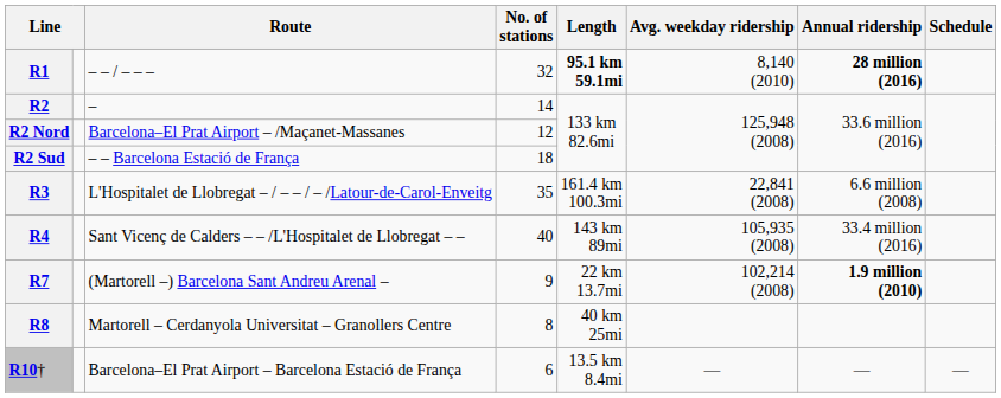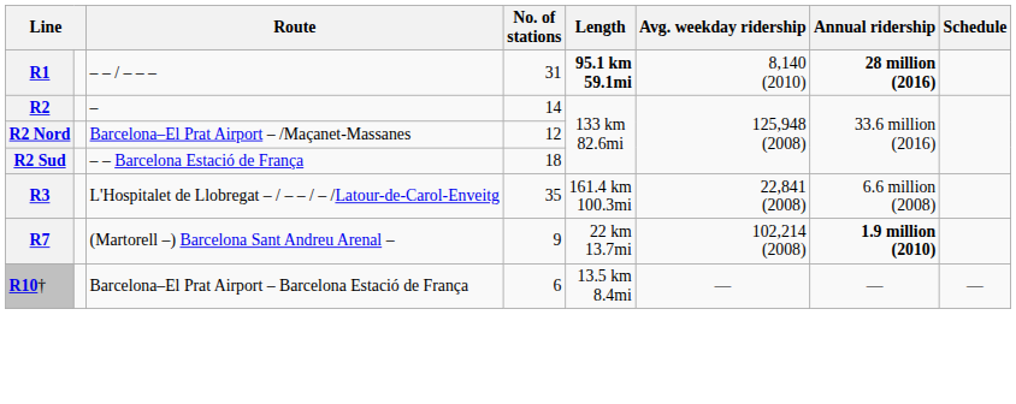 <table class="sortable wikitable">
 <tr>
 <th colspan="2">Line</th>
 <th class="unsortable">Route</th>
 <th data-sort-type="number">No. of<br>stations</th>
 <th data-sort-type="number">Length</th>
 <th data-sort-type="number">Avg. weekday ridership</th>
 <th data-sort-type="number">Annual ridership</th>
 <th class="unsortable">Schedule</th>
 </tr>
 <tr>
 <th><a href='#'>R1</a></th>
 <td width=4px style="background-color:#"></td>
 <td> –  – / –  –  – </td>
-<td style="text-align:right;">32</td>
+<td style="text-align:right;">31</td>
 <td style="text-align:right;"><strong>95.1 km<br>59.1mi</strong></td>
 <td style="text-align:right;">8,140<br> (2010)</td>
 <td style="text-align:right;"><strong>28 million<br> (2016)</strong></td>
 <td style="text-align:center;"></td>
 </tr>
 <tr>
 <th><a href='#'>R2</a></th>
 <td style="background-color:#"></td>
 <td> – </td>
 <td style="text-align:right;">14</td>
 <td rowspan="3" style="text-align:center;">133 km<br>82.6mi</td>
 <td rowspan="3" style="text-align:right;">125,948<br> (2008)</td>
 <td rowspan="3" style="text-align:right;">33.6 million<br> (2016)</td>
 <td style="text-align:center;" rowspan="3"></td>
 </tr>
 <tr>
 <th><a href='#'>R2 Nord</a></th>
 <td style="background-color:#"></td>
 <td><a href='#'>Barcelona–El Prat Airport</a> – /Maçanet-Massanes</td>
 <td style="text-align:right;">12</td>
 </tr>
 <tr>
 <th><a href='#'>R2 Sud</a></th>
 <td style="background-color:#"></td>
 <td> –  – <a href='#'>Barcelona Estació de França</a></td>
 <td style="text-align:right;">18</td>
 </tr>
 <tr>
 <th><a href='#'>R3</a></th>
 <td style="background-color:#"></td>
 <td>L'Hospitalet de Llobregat – / –  – / – /<a href='#'>Latour-de-Carol-Enveitg</a></td>
 <td style="text-align:right;">35</td>
 <td style="text-align:right;">161.4 km<br>100.3mi</td>
 <td style="text-align:right;">22,841<br> (2008)</td>
 <td style="text-align:right;">6.6 million<br> (2008)</td>
 <td style="text-align:center;"></td>
 </tr>
 <tr>
-<th><a href='#'>R4</a></th>
-<td style="background-color:#"></td>
-<td>Sant Vicenç de Calders –  – /L'Hospitalet de Llobregat –  – </td>
-<td style="text-align:right;">40</td>
-<td style="text-align:right;">143 km<br>89mi</td>
-<td style="text-align:right;">105,935<br> (2008)</td>
-<td style="text-align:right;">33.4 million<br> (2016)</td>
-<td style="text-align:center;"></td>
-</tr>
-<tr>
 <th><a href='#'>R7</a></th>
 <td style="background-color:#"></td>
 <td>(Martorell –) <a href='#'>Barcelona Sant Andreu Arenal</a> – </td>
 <td style="text-align:right;">9</td>
 <td style="text-align:right;">22 km<br>13.7mi</td>
 <td style="text-align:right;">102,214<br> (2008)</td>
 <td style="text-align:right;"><strong>1.9 million<br> (2010)</strong></td>
-<td style="text-align:center;"></td>
-</tr>
-<tr>
-<th><a href='#'>R8</a></th>
-<td style="background-color:#"></td>
-<td>Martorell – Cerdanyola Universitat – Granollers Centre</td>
-<td style="text-align:right;">8</td>
-<td style="text-align:right;">40 km<br>25mi</td>
-<td></td>
-<td></td>
 <td style="text-align:center;"></td>
 </tr>
 <tr>
 <td style="background-color:#C0C0C0"><a href='#'><strong>R10</strong></a>†</td>
 <td style="background-color:#"></td>
 <td>Barcelona–El Prat Airport – Barcelona Estació de França</td>
 <td style="text-align:right;">6</td>
 <td style="text-align:right;">13.5 km<br>8.4mi</td>
 <td style="text-align:center;">—</td>
 <td style="text-align:center;">—</td>
 <td style="text-align:center;">—</td>
 </tr>
 </table>
